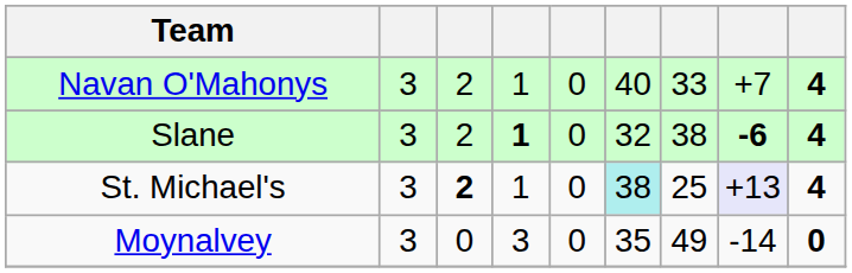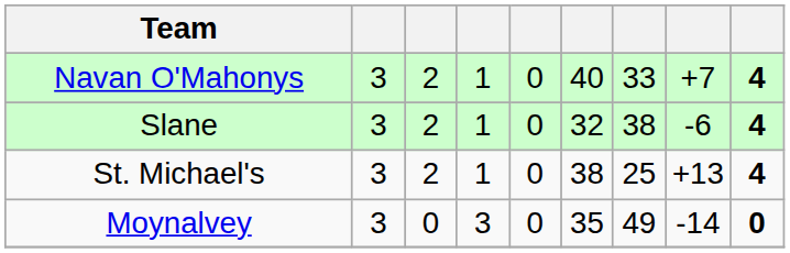 <table class="wikitable" style="text-align:center">
 <tr>
 <th style="width:175px;">Team</th>
 <th width="20"></th>
 <th width="20"></th>
 <th width="20"></th>
 <th width="20"></th>
 <th width="20"></th>
 <th width="20"></th>
 <th width="20"></th>
 <th width="20"></th>
 </tr>
 <tr style="background:#cfc;">
 <td><a href='#'>Navan O'Mahonys</a></td>
 <td>3</td>
 <td>2</td>
 <td>1</td>
 <td>0</td>
 <td>40</td>
 <td>33</td>
 <td>+7</td>
 <td><strong>4</strong></td>
 </tr>
 <tr style="background:#cfc;">
 <td>Slane</td>
 <td>3</td>
 <td>2</td>
-<td><strong>1</strong></td>
+<td>1</td>
 <td>0</td>
 <td>32</td>
 <td>38</td>
-<td><strong>-6</strong></td>
+<td>-6</td>
 <td><strong>4</strong></td>
 </tr>
 <tr>
 <td>St. Michael's</td>
 <td>3</td>
-<td><strong>2</strong></td>
+<td>2</td>
 <td>1</td>
 <td>0</td>
-<td style="background: paleturquoise;">38</td>
+<td>38</td>
 <td>25</td>
-<td style="background: lavender;">+13</td>
+<td>+13</td>
 <td><strong>4</strong></td>
 </tr>
 <tr>
 <td><a href='#'>Moynalvey</a></td>
 <td>3</td>
 <td>0</td>
 <td>3</td>
 <td>0</td>
 <td>35</td>
 <td>49</td>
 <td>-14</td>
 <td><strong>0</strong></td>
 </tr>
 <tr style="background:#fcc;">
 </tr>
 </table>
